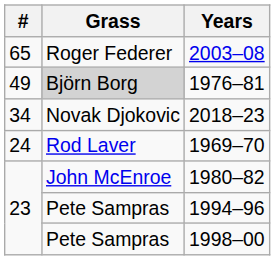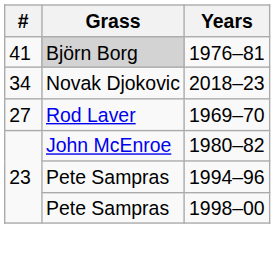 <table class="wikitable" style="display:inline-table; font-size: 88%;">
 <tr>
 <th width=20>#</th>
 <th>Grass</th>
 <th>Years</th>
 </tr>
 <tr>
-<td>65</td>
-<td> Roger Federer</td>
-<td><a href='#'>2003–08</a></td>
-</tr>
-<tr>
-<td>49</td>
+<td>41</td>
 <td style="background: lightgrey;"> Björn Borg</td>
 <td>1976–81</td>
 </tr>
 <tr>
 <td>34</td>
 <td> Novak Djokovic</td>
 <td>2018–23</td>
 </tr>
 <tr>
-<td>24</td>
+<td>27</td>
 <td> <a href='#'>Rod Laver</a></td>
 <td>1969–70</td>
 </tr>
 <tr>
 <td rowspan="3">23</td>
 <td> <a href='#'>John McEnroe</a></td>
 <td>1980–82</td>
 </tr>
 <tr>
 <td> Pete Sampras</td>
 <td>1994–96</td>
 </tr>
 <tr>
 <td> Pete Sampras</td>
 <td>1998–00</td>
 </tr>
 </table>
